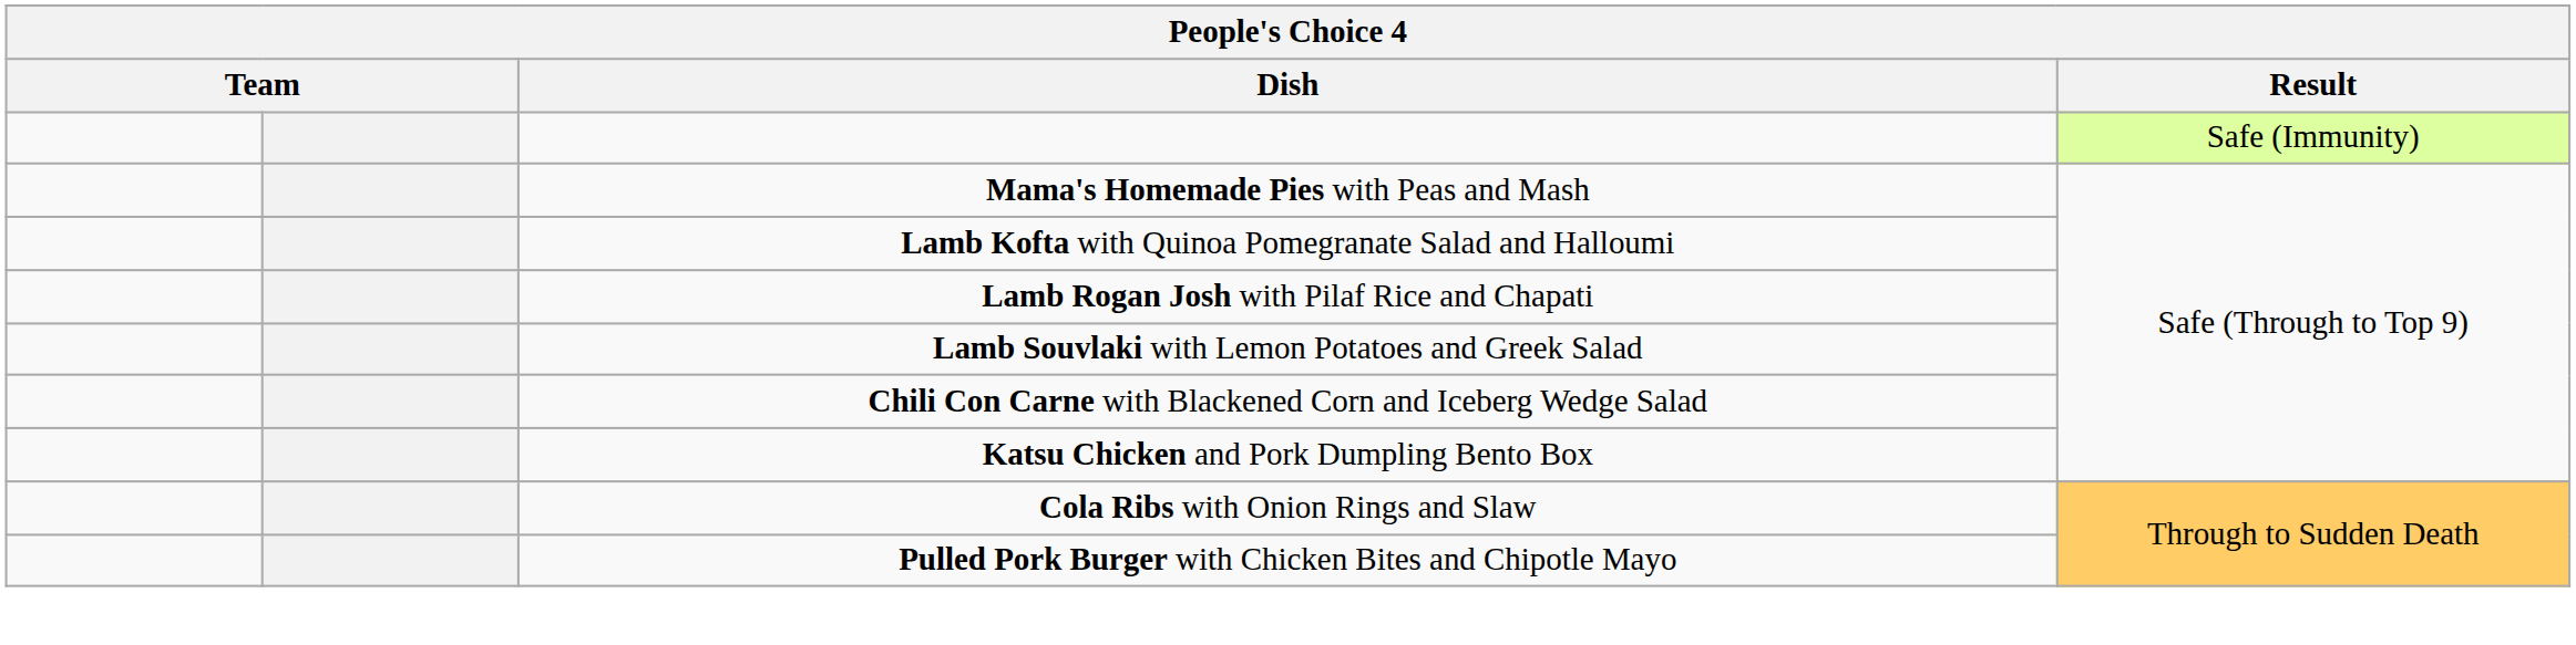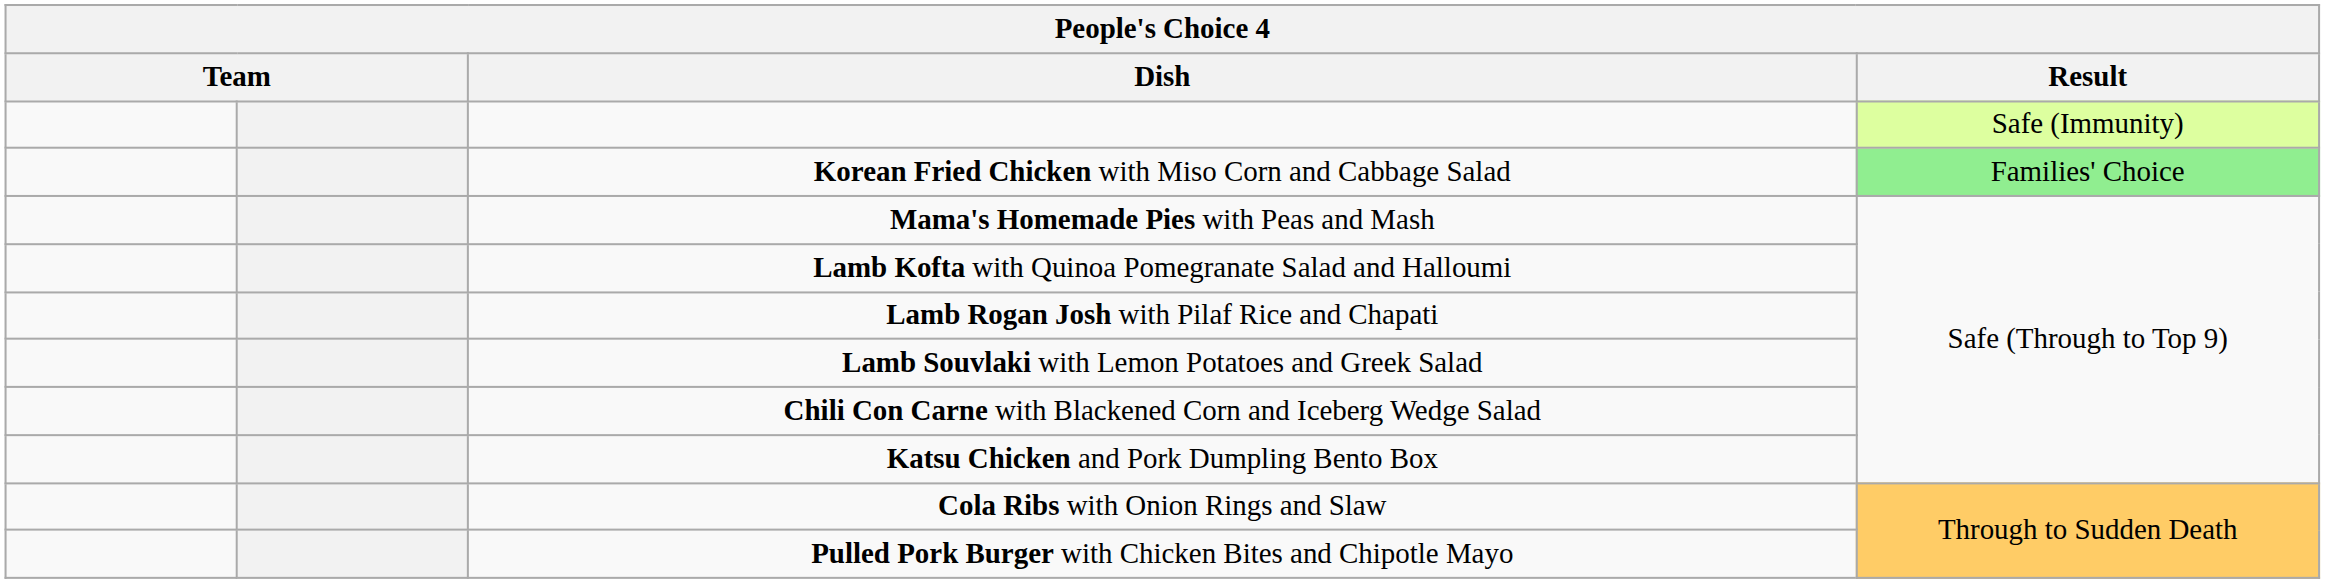 <table class="wikitable plainrowheaders" style="margin: 1em auto; text-align:center; font-size:90%; width:80em;">
 <tr>
 <th colspan="4" >People's Choice 4</th>
 </tr>
 <tr>
 <th style="width:20%;" colspan="2">Team</th>
 <th style="width:60%;">Dish</th>
 <th style="width:20%;">Result</th>
 </tr>
 <tr>
 <td></td>
 <th style="text-align:centre"></th>
 <td></td>
 <td bgcolor="DDFF9F">Safe (Immunity)</td>
+</tr>
+<tr>
+<td></td>
+<th style="text-align:centre"></th>
+<td><strong>Korean Fried Chicken</strong> with Miso Corn and Cabbage Salad</td>
+<td style="background:lightgreen">Families' Choice</td>
 </tr>
 <tr>
 <td></td>
 <th style="text-align:centre"></th>
 <td><strong>Mama's Homemade Pies</strong> with Peas and Mash</td>
 <td rowspan="6">Safe (Through to Top 9)</td>
 </tr>
 <tr>
 <td></td>
 <th style="text-align:centre"></th>
 <td><strong>Lamb Kofta</strong> with Quinoa Pomegranate Salad and Halloumi</td>
 </tr>
 <tr>
 <td></td>
 <th style="text-align:centre"></th>
 <td><strong>Lamb Rogan Josh</strong> with Pilaf Rice and Chapati</td>
 </tr>
 <tr>
 <td></td>
 <th style="text-align:centre"></th>
 <td><strong>Lamb Souvlaki</strong> with Lemon Potatoes and Greek Salad</td>
 </tr>
 <tr>
 <td></td>
 <th style="text-align:centre"></th>
 <td><strong>Chili Con Carne</strong> with Blackened Corn and Iceberg Wedge Salad</td>
 </tr>
 <tr>
 <td></td>
 <th style="text-align:centre"></th>
 <td><strong>Katsu Chicken</strong> and Pork Dumpling Bento Box</td>
 </tr>
 <tr>
 <td></td>
 <th style="text-align:centre"></th>
 <td><strong>Cola Ribs</strong> with Onion Rings and Slaw</td>
 <td rowspan="2" bgcolor="FFCC66">Through to Sudden Death</td>
 </tr>
 <tr>
 <td></td>
 <th style="text-align:centre"></th>
 <td><strong>Pulled Pork Burger</strong> with Chicken Bites and Chipotle Mayo</td>
 </tr>
 </table>
